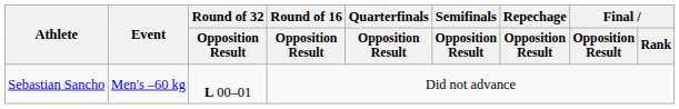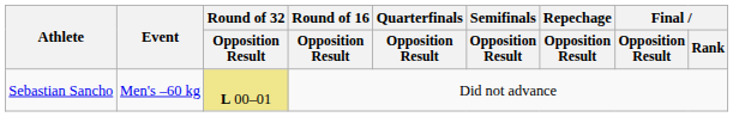 <table class="wikitable" style="font-size:90%">
 <tr>
 <th rowspan="2">Athlete</th>
 <th rowspan="2">Event</th>
 <th>Round of 32</th>
 <th>Round of 16</th>
 <th>Quarterfinals</th>
 <th>Semifinals</th>
 <th>Repechage</th>
 <th colspan=2>Final / </th>
 </tr>
 <tr style="font-size:95%">
 <th>Opposition<br>Result</th>
 <th>Opposition<br>Result</th>
 <th>Opposition<br>Result</th>
 <th>Opposition<br>Result</th>
 <th>Opposition<br>Result</th>
 <th>Opposition<br>Result</th>
 <th>Rank</th>
 </tr>
 <tr align=center>
 <td align=left><a href='#'>Sebastian Sancho</a></td>
 <td align=left><a href='#'>Men's –60 kg</a></td>
-<td><br><strong>L</strong> 00–01</td>
+<td style="background: khaki;"><br><strong>L</strong> 00–01</td>
 <td colspan=6>Did not advance</td>
 </tr>
 </table>
